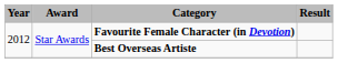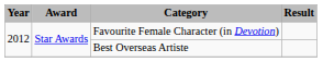 <table class="wikitable">
 <tr>
 <th style="background:#bcbcbc;">Year</th>
 <th style="background:#bcbcbc;">Award</th>
 <th style="background:#bcbcbc;">Category</th>
 <th style="background:#bcbcbc;">Result</th>
 </tr>
 <tr>
 <td rowspan="2">2012</td>
 <td rowspan="2"><a href='#'>Star Awards</a></td>
-<td><strong>Favourite Female Character (in <em><a href='#'>Devotion</a></em>)</strong></td>
+<td>Favourite Female Character (in <em><a href='#'>Devotion</a></em>)</td>
 <td></td>
 </tr>
 <tr>
-<td><strong>Best Overseas Artiste</strong></td>
+<td>Best Overseas Artiste</td>
 <td></td>
 </tr>
 <tr>
 </tr>
 </table>
